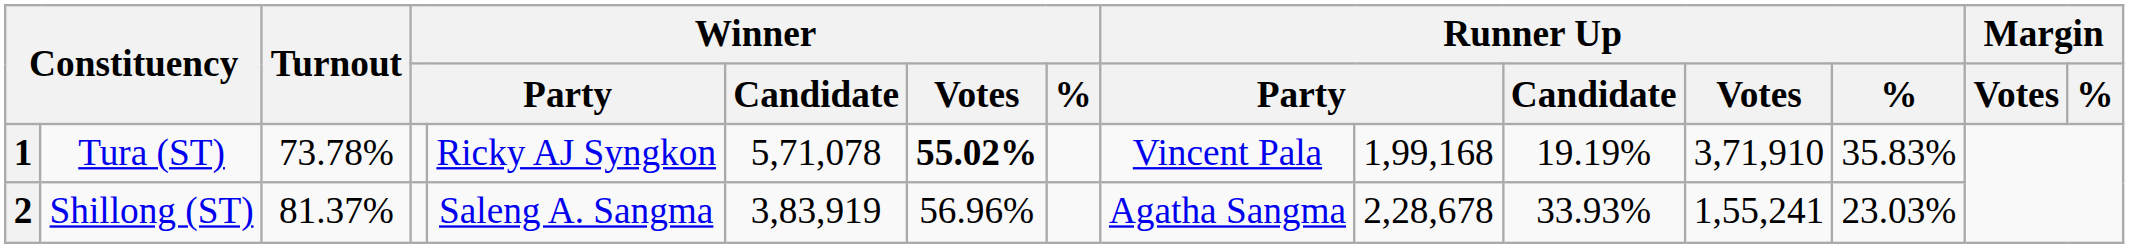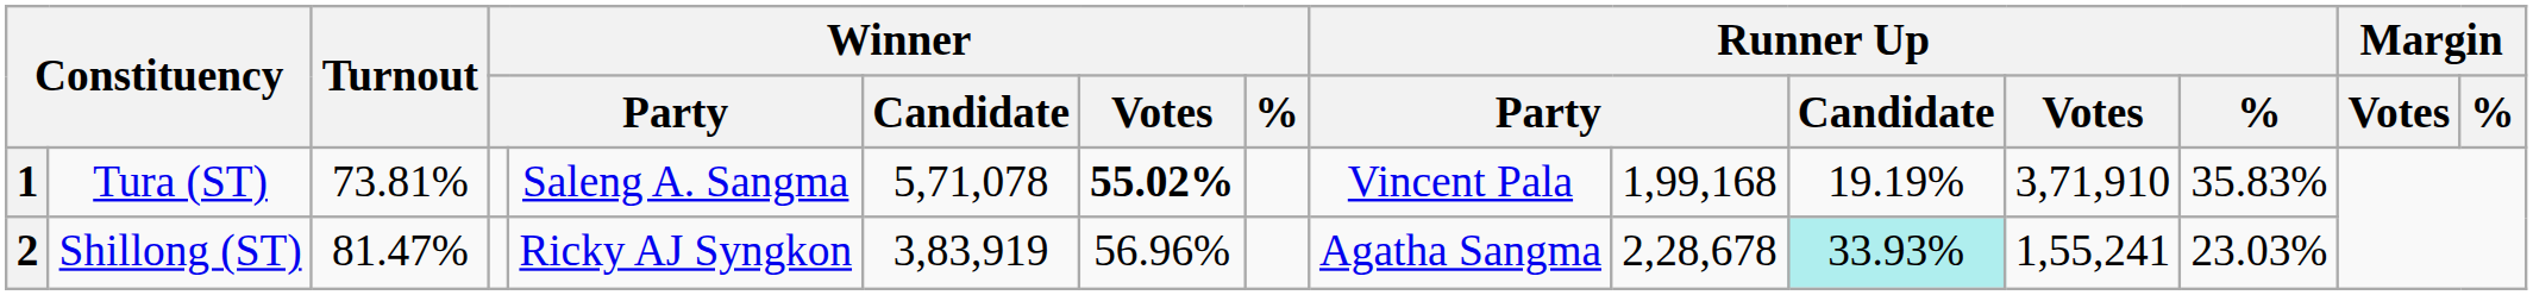 <table class="wikitable sortable" style="text-align:center;">
 <tr>
 <th colspan="2" rowspan="2">Constituency</th>
 <th rowspan="2">Turnout</th>
 <th colspan="5">Winner</th>
 <th colspan="5">Runner Up</th>
 <th colspan="2">Margin</th>
 </tr>
 <tr>
 <th colspan="2">Party</th>
 <th>Candidate</th>
 <th>Votes</th>
 <th>%</th>
 <th colspan="2">Party</th>
 <th>Candidate</th>
 <th>Votes</th>
 <th>%</th>
 <th>Votes</th>
 <th>%</th>
 </tr>
 <tr>
 <th>1</th>
 <td><a href='#'>Tura (ST)</a></td>
-<td>73.78%</td>
+<td>73.81%</td>
 <td></td>
-<td><a href='#'>Ricky AJ Syngkon</a></td>
+<td><a href='#'>Saleng A. Sangma</a></td>
 <td>5,71,078</td>
 <td><strong>55.02%</strong></td>
 <td></td>
 <td><a href='#'>Vincent Pala</a></td>
 <td>1,99,168</td>
 <td>19.19%</td>
 <td style="background:">3,71,910</td>
 <td style="background:">35.83%</td>
 </tr>
 <tr>
 <th>2</th>
 <td><a href='#'>Shillong (ST)</a></td>
-<td>81.37%</td>
+<td>81.47%</td>
 <td></td>
-<td><a href='#'>Saleng A. Sangma</a></td>
+<td><a href='#'>Ricky AJ Syngkon</a></td>
 <td>3,83,919</td>
 <td>56.96%</td>
 <td></td>
 <td><a href='#'>Agatha Sangma</a></td>
 <td>2,28,678</td>
-<td>33.93%</td>
+<td style="background: paleturquoise;">33.93%</td>
 <td style="background:">1,55,241</td>
 <td style="background:">23.03%</td>
 </tr>
 </table>
